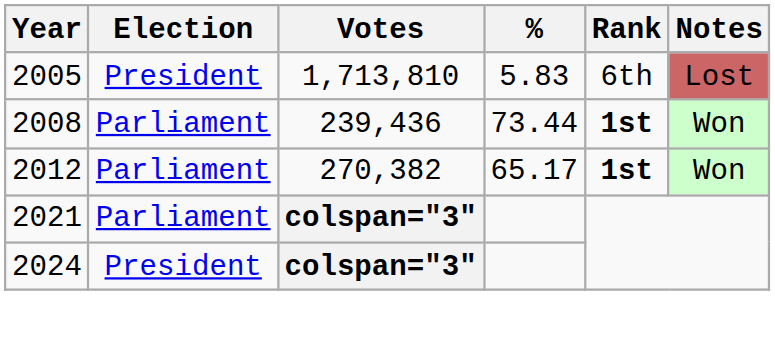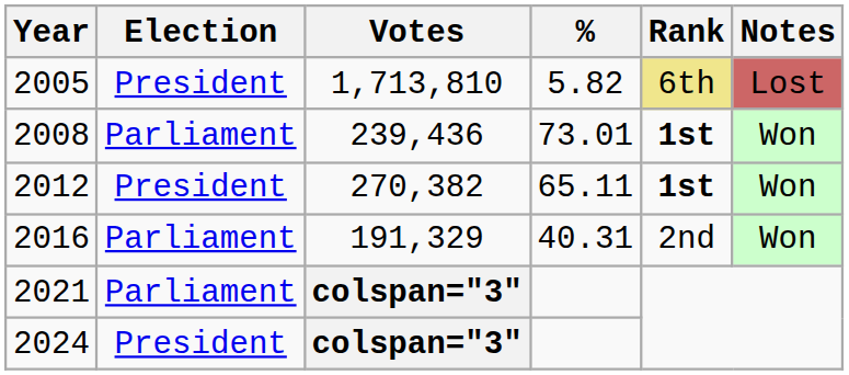 <table class="wikitable" style="text-align:center;">
 <tr>
 <th>Year</th>
 <th>Election</th>
 <th>Votes</th>
 <th>%</th>
 <th>Rank</th>
 <th>Notes</th>
 </tr>
 <tr>
 <td>2005</td>
 <td><a href='#'>President</a></td>
 <td>1,713,810</td>
-<td>5.83</td>
-<td>6th</td>
+<td>5.82</td>
+<td style="background: khaki;">6th</td>
 <td style="background-color:#C66">Lost</td>
 </tr>
 <tr>
 <td>2008</td>
 <td><a href='#'>Parliament</a></td>
 <td>239,436</td>
-<td>73.44</td>
+<td>73.01</td>
 <td><strong>1st</strong></td>
 <td style="background-color:#CCFFCC">Won</td>
 </tr>
 <tr>
 <td>2012</td>
+<td><a href='#'>President</a></td>
+<td> 270,382</td>
+<td> 65.11</td>
+<td><strong>1st</strong></td>
+<td style="background-color:#CCFFCC">Won</td>
+</tr>
+<tr>
+<td>2016</td>
 <td><a href='#'>Parliament</a></td>
-<td> 270,382</td>
-<td> 65.17</td>
-<td><strong>1st</strong></td>
+<td> 191,329</td>
+<td> 40.31</td>
+<td>2nd</td>
 <td style="background-color:#CCFFCC">Won</td>
 </tr>
 <tr>
 <td>2021</td>
 <td><a href='#'>Parliament</a></td>
 <th>colspan="3" </th>
 <td></td>
 </tr>
 <tr>
 <td>2024</td>
 <td><a href='#'>President</a></td>
 <th>colspan="3" </th>
 <td></td>
 </tr>
 </table>
